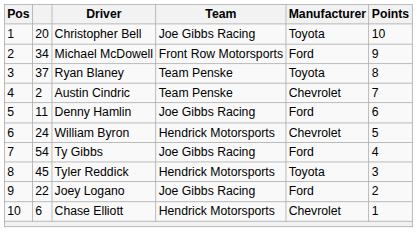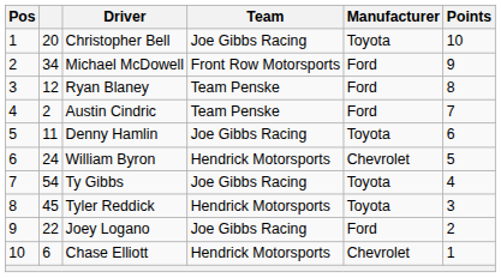 <table class="wikitable" style="font-size:98%">
 <tr>
 <th>Pos</th>
 <th></th>
 <th>Driver</th>
 <th>Team</th>
 <th>Manufacturer</th>
 <th>Points</th>
 </tr>
 <tr>
 <td>1</td>
 <td>20</td>
 <td>Christopher Bell</td>
 <td>Joe Gibbs Racing</td>
 <td>Toyota</td>
 <td>10</td>
 </tr>
 <tr>
 <td>2</td>
 <td>34</td>
 <td>Michael McDowell</td>
 <td>Front Row Motorsports</td>
 <td>Ford</td>
 <td>9</td>
 </tr>
 <tr>
 <td>3</td>
-<td>37</td>
+<td>12</td>
 <td>Ryan Blaney</td>
 <td>Team Penske</td>
-<td>Toyota</td>
+<td>Ford</td>
 <td>8</td>
 </tr>
 <tr>
 <td>4</td>
 <td>2</td>
 <td>Austin Cindric</td>
 <td>Team Penske</td>
-<td>Chevrolet</td>
+<td>Ford</td>
 <td>7</td>
 </tr>
 <tr>
 <td>5</td>
 <td>11</td>
 <td>Denny Hamlin</td>
 <td>Joe Gibbs Racing</td>
-<td>Ford</td>
+<td>Toyota</td>
 <td>6</td>
 </tr>
 <tr>
 <td>6</td>
 <td>24</td>
 <td>William Byron</td>
 <td>Hendrick Motorsports</td>
 <td>Chevrolet</td>
 <td>5</td>
 </tr>
 <tr>
 <td>7</td>
 <td>54</td>
 <td>Ty Gibbs</td>
 <td>Joe Gibbs Racing</td>
-<td>Ford</td>
+<td>Toyota</td>
 <td>4</td>
 </tr>
 <tr>
 <td>8</td>
 <td>45</td>
 <td>Tyler Reddick</td>
 <td>Hendrick Motorsports</td>
 <td>Toyota</td>
 <td>3</td>
 </tr>
 <tr>
 <td>9</td>
 <td>22</td>
 <td>Joey Logano</td>
 <td>Joe Gibbs Racing</td>
 <td>Ford</td>
 <td>2</td>
 </tr>
 <tr>
 <td>10</td>
 <td>6</td>
 <td>Chase Elliott</td>
 <td>Hendrick Motorsports</td>
 <td>Chevrolet</td>
 <td>1</td>
 </tr>
 <tr>
 <th colspan="6"></th>
 </tr>
 </table>
